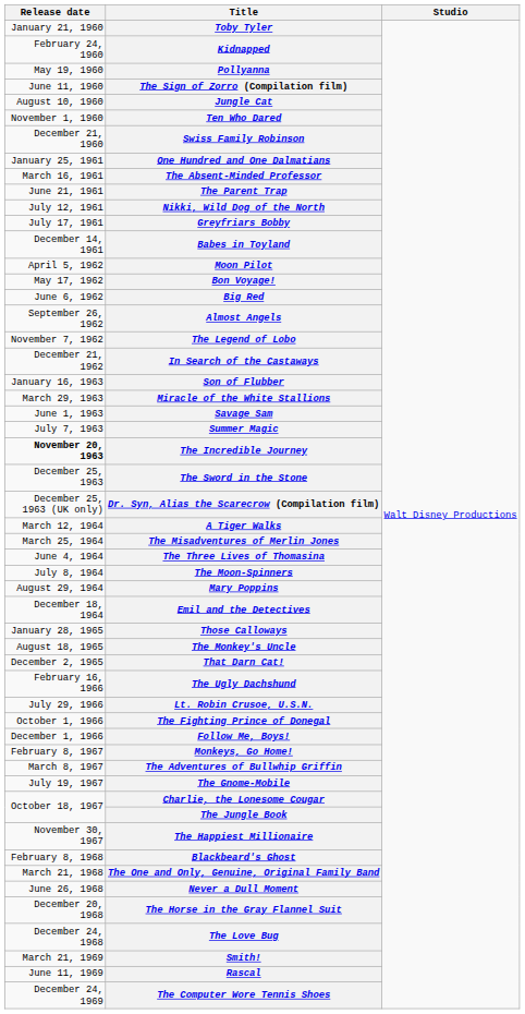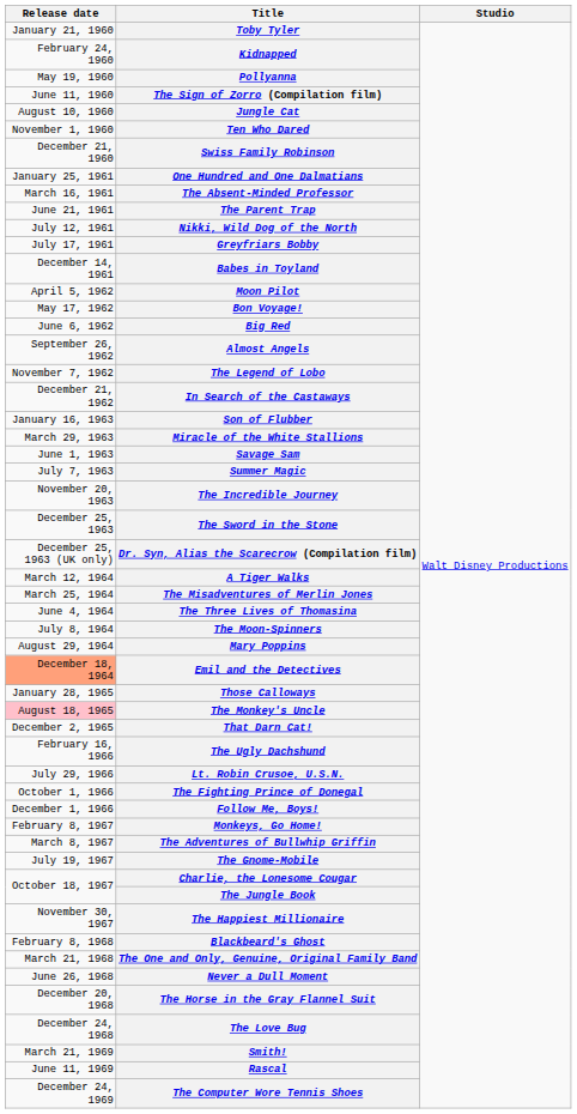 <table class="wikitable plainrowheaders sortable">
 <tr>
 <th scope="col" style="width:130px;">Release date</th>
 <th scope="col">Title</th>
 <th scope="col">Studio</th>
 </tr>
 <tr>
 <td style="text-align:right;">January 21, 1960</td>
 <th scope="row"><em><a href='#'>Toby Tyler</a></em></th>
 <td rowspan="53"><a href='#'>Walt Disney Productions</a></td>
 </tr>
 <tr>
 <td style="text-align:right;">February 24, 1960</td>
 <th scope="row"><em><a href='#'>Kidnapped</a></em></th>
 </tr>
 <tr>
 <td style="text-align:right;">May 19, 1960</td>
 <th scope="row"><em><a href='#'>Pollyanna</a></em></th>
 </tr>
 <tr>
 <td style="text-align:right;">June 11, 1960</td>
 <th scope="row"><em><a href='#'>The Sign of Zorro</a></em> (Compilation film)</th>
 </tr>
 <tr>
 <td style="text-align:right;">August 10, 1960</td>
 <th scope="row"><em><a href='#'>Jungle Cat</a></em></th>
 </tr>
 <tr>
 <td style="text-align:right;">November 1, 1960</td>
 <th scope="row"><em><a href='#'>Ten Who Dared</a></em></th>
 </tr>
 <tr>
 <td style="text-align:right;">December 21, 1960</td>
 <th scope="row"><em><a href='#'>Swiss Family Robinson</a></em></th>
 </tr>
 <tr>
 <td style="text-align:right;">January 25, 1961</td>
 <th scope="row"><em><a href='#'>One Hundred and One Dalmatians</a></em></th>
 </tr>
 <tr>
 <td style="text-align:right;">March 16, 1961</td>
 <th scope="row"><em><a href='#'>The Absent-Minded Professor</a></em></th>
 </tr>
 <tr>
 <td style="text-align:right;">June 21, 1961</td>
 <th scope="row"><em><a href='#'>The Parent Trap</a></em></th>
 </tr>
 <tr>
 <td style="text-align:right;">July 12, 1961</td>
 <th scope="row"><em><a href='#'>Nikki, Wild Dog of the North</a></em></th>
 </tr>
 <tr>
 <td style="text-align:right;">July 17, 1961</td>
 <th scope="row"><em><a href='#'>Greyfriars Bobby</a></em></th>
 </tr>
 <tr>
 <td style="text-align:right;">December 14, 1961</td>
 <th scope="row"><em><a href='#'>Babes in Toyland</a></em></th>
 </tr>
 <tr>
 <td style="text-align:right;">April 5, 1962</td>
 <th scope="row"><em><a href='#'>Moon Pilot</a></em></th>
 </tr>
 <tr>
 <td style="text-align:right;">May 17, 1962</td>
 <th scope="row"><em><a href='#'>Bon Voyage!</a></em></th>
 </tr>
 <tr>
 <td style="text-align:right;">June 6, 1962</td>
 <th scope="row"><em><a href='#'>Big Red</a></em></th>
 </tr>
 <tr>
 <td style="text-align:right;">September 26, 1962</td>
 <th scope="row"><em><a href='#'>Almost Angels</a></em></th>
 </tr>
 <tr>
 <td style="text-align:right;">November 7, 1962</td>
 <th scope="row"><em><a href='#'>The Legend of Lobo</a></em></th>
 </tr>
 <tr>
 <td style="text-align:right;">December 21, 1962</td>
 <th scope="row"><em><a href='#'>In Search of the Castaways</a></em></th>
 </tr>
 <tr>
 <td style="text-align:right;">January 16, 1963</td>
 <th scope="row"><em><a href='#'>Son of Flubber</a></em></th>
 </tr>
 <tr>
 <td style="text-align:right;">March 29, 1963</td>
 <th scope="row"><em><a href='#'>Miracle of the White Stallions</a></em></th>
 </tr>
 <tr>
 <td style="text-align:right;">June 1, 1963</td>
 <th scope="row"><em><a href='#'>Savage Sam</a></em></th>
 </tr>
 <tr>
 <td style="text-align:right;">July 7, 1963</td>
 <th scope="row"><em><a href='#'>Summer Magic</a></em></th>
 </tr>
 <tr>
-<td style="text-align:right;"><strong>November 20, 1963</strong></td>
+<td style="text-align:right;">November 20, 1963</td>
 <th scope="row"><em><a href='#'>The Incredible Journey</a></em></th>
 </tr>
 <tr>
 <td style="text-align:right;">December 25, 1963</td>
 <th scope="row"><em><a href='#'>The Sword in the Stone</a></em></th>
 </tr>
 <tr>
 <td style="text-align:right;">December 25, 1963 (UK only)</td>
 <th scope="row"><em><a href='#'>Dr. Syn, Alias the Scarecrow</a></em> (Compilation film)</th>
 </tr>
 <tr>
 <td style="text-align:right;">March 12, 1964</td>
 <th scope="row"><em><a href='#'>A Tiger Walks</a></em></th>
 </tr>
 <tr>
 <td style="text-align:right;">March 25, 1964</td>
 <th scope="row"><em><a href='#'>The Misadventures of Merlin Jones</a></em></th>
 </tr>
 <tr>
 <td style="text-align:right;">June 4, 1964</td>
 <th scope="row"><em><a href='#'>The Three Lives of Thomasina</a></em></th>
 </tr>
 <tr>
 <td style="text-align:right;">July 8, 1964</td>
 <th scope="row"><em><a href='#'>The Moon-Spinners</a></em></th>
 </tr>
 <tr>
 <td style="text-align:right;">August 29, 1964</td>
 <th scope="row"><em><a href='#'>Mary Poppins</a></em></th>
 </tr>
 <tr>
-<td style="text-align:right;">December 18, 1964</td>
+<td style="background: lightsalmon; text-align:right;">December 18, 1964</td>
 <th scope="row"><em><a href='#'>Emil and the Detectives</a></em></th>
 </tr>
 <tr>
 <td style="text-align:right;">January 28, 1965</td>
 <th scope="row"><em><a href='#'>Those Calloways</a></em></th>
 </tr>
 <tr>
-<td style="text-align:right;">August 18, 1965</td>
+<td style="background: pink; text-align:right;">August 18, 1965</td>
 <th scope="row"><em><a href='#'>The Monkey's Uncle</a></em></th>
 </tr>
 <tr>
 <td style="text-align:right;">December 2, 1965</td>
 <th scope="row"><em><a href='#'>That Darn Cat!</a></em></th>
 </tr>
 <tr>
 <td style="text-align:right;">February 16, 1966</td>
 <th scope="row"><em><a href='#'>The Ugly Dachshund</a></em></th>
 </tr>
 <tr>
 <td style="text-align:right;">July 29, 1966</td>
 <th scope="row"><em><a href='#'>Lt. Robin Crusoe, U.S.N.</a></em></th>
 </tr>
 <tr>
 <td style="text-align:right;">October 1, 1966</td>
 <th scope="row"><em><a href='#'>The Fighting Prince of Donegal</a></em></th>
 </tr>
 <tr>
 <td style="text-align:right;">December 1, 1966</td>
 <th scope="row"><em><a href='#'>Follow Me, Boys!</a></em></th>
 </tr>
 <tr>
 <td style="text-align:right;">February 8, 1967</td>
 <th scope="row"><em><a href='#'>Monkeys, Go Home!</a></em></th>
 </tr>
 <tr>
 <td style="text-align:right;">March 8, 1967</td>
 <th scope="row"><em><a href='#'>The Adventures of Bullwhip Griffin</a></em></th>
 </tr>
 <tr>
 <td style="text-align:right;">July 19, 1967</td>
 <th scope="row"><em><a href='#'>The Gnome-Mobile</a></em></th>
 </tr>
 <tr>
 <td rowspan="2" style="text-align:right;">October 18, 1967</td>
 <th scope="row"><em><a href='#'>Charlie, the Lonesome Cougar</a></em></th>
 </tr>
 <tr>
 <th scope="row"><em><a href='#'>The Jungle Book</a></em></th>
 </tr>
 <tr>
 <td style="text-align:right;">November 30, 1967</td>
 <th scope="row"><em><a href='#'>The Happiest Millionaire</a></em></th>
 </tr>
 <tr>
 <td style="text-align:right;">February 8, 1968</td>
 <th scope="row"><em><a href='#'>Blackbeard's Ghost</a></em></th>
 </tr>
 <tr>
 <td style="text-align:right;">March 21, 1968</td>
 <th scope="row"><em><a href='#'>The One and Only, Genuine, Original Family Band</a></em></th>
 </tr>
 <tr>
 <td style="text-align:right;">June 26, 1968</td>
 <th scope="row"><em><a href='#'>Never a Dull Moment</a></em></th>
 </tr>
 <tr>
 <td style="text-align:right;">December 20, 1968</td>
 <th scope="row"><em><a href='#'>The Horse in the Gray Flannel Suit</a></em></th>
 </tr>
 <tr>
 <td style="text-align:right;">December 24, 1968</td>
 <th scope="row"><em><a href='#'>The Love Bug</a></em></th>
 </tr>
 <tr>
 <td style="text-align:right;">March 21, 1969</td>
 <th scope="row"><em><a href='#'>Smith!</a></em></th>
 </tr>
 <tr>
 <td style="text-align:right;">June 11, 1969</td>
 <th scope="row"><em><a href='#'>Rascal</a></em></th>
 </tr>
 <tr>
 <td style="text-align:right;">December 24, 1969</td>
 <th scope="row"><em><a href='#'>The Computer Wore Tennis Shoes</a></em></th>
 </tr>
 </table>
